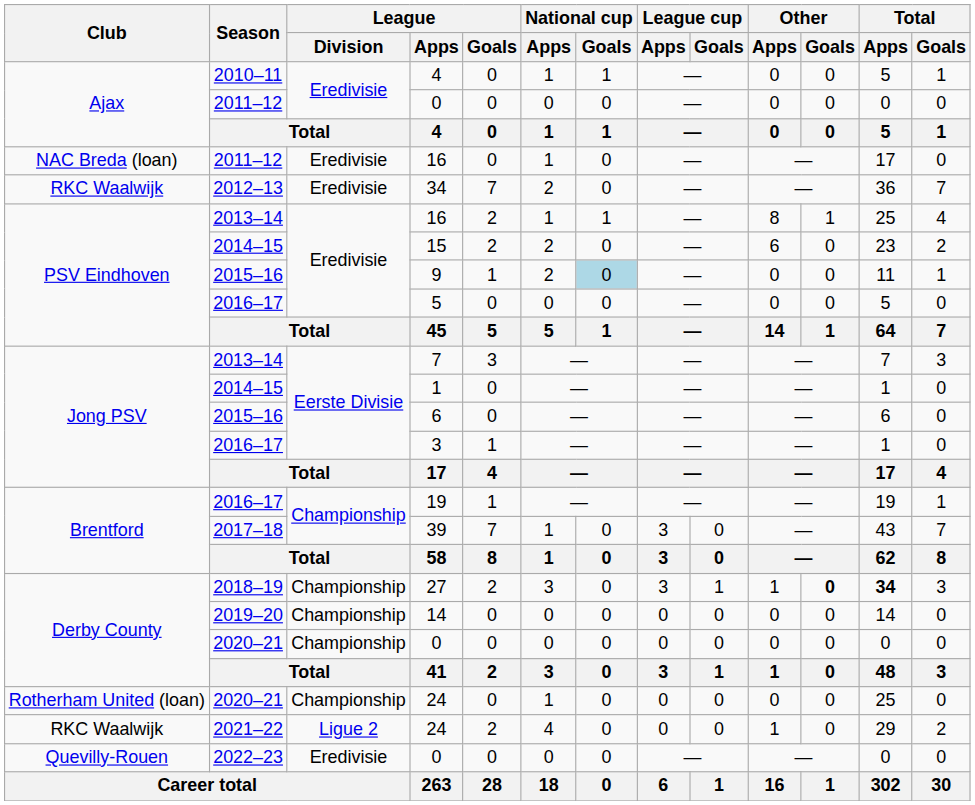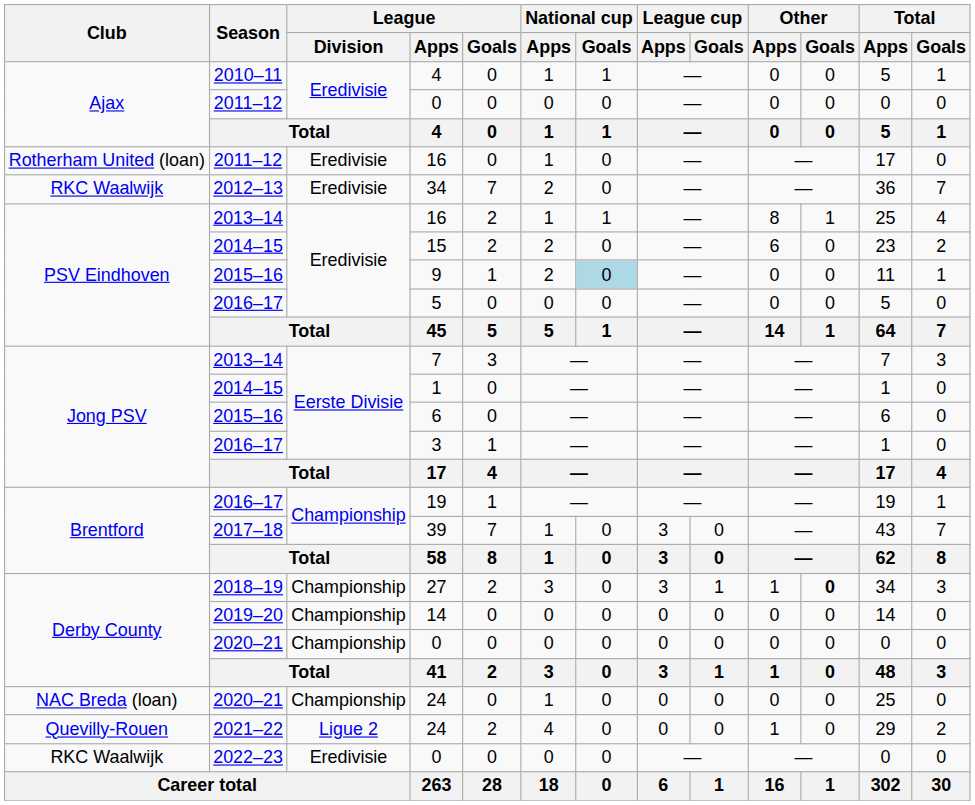 <table class="wikitable" style="text-align:center">
 <tr>
 <th rowspan="2">Club</th>
 <th rowspan="2">Season</th>
 <th colspan="3">League</th>
 <th colspan="2">National cup</th>
 <th colspan="2">League cup</th>
 <th colspan="2">Other</th>
 <th colspan="2">Total</th>
 </tr>
 <tr>
 <th>Division</th>
 <th>Apps</th>
 <th>Goals</th>
 <th>Apps</th>
 <th>Goals</th>
 <th>Apps</th>
 <th>Goals</th>
 <th>Apps</th>
 <th>Goals</th>
 <th>Apps</th>
 <th>Goals</th>
 </tr>
 <tr>
 <td rowspan="3"><a href='#'>Ajax</a></td>
 <td><a href='#'>2010–11</a></td>
 <td rowspan="2"><a href='#'>Eredivisie</a></td>
 <td>4</td>
 <td>0</td>
 <td>1</td>
 <td>1</td>
 <td colspan="2">—</td>
 <td>0</td>
 <td>0</td>
 <td>5</td>
 <td>1</td>
 </tr>
 <tr>
 <td><a href='#'>2011–12</a></td>
 <td>0</td>
 <td>0</td>
 <td>0</td>
 <td>0</td>
 <td colspan="2">—</td>
 <td>0</td>
 <td>0</td>
 <td>0</td>
 <td>0</td>
 </tr>
 <tr>
 <th colspan="2">Total</th>
 <th>4</th>
 <th>0</th>
 <th>1</th>
 <th>1</th>
 <th colspan="2">—</th>
 <th>0</th>
 <th>0</th>
 <th>5</th>
 <th>1</th>
 </tr>
 <tr>
-<td><a href='#'>NAC Breda</a> (loan)</td>
+<td><a href='#'>Rotherham United</a> (loan)</td>
 <td><a href='#'>2011–12</a></td>
 <td>Eredivisie</td>
 <td>16</td>
 <td>0</td>
 <td>1</td>
 <td>0</td>
 <td colspan="2">—</td>
 <td colspan="2">—</td>
 <td>17</td>
 <td>0</td>
 </tr>
 <tr>
 <td><a href='#'>RKC Waalwijk</a></td>
 <td><a href='#'>2012–13</a></td>
 <td>Eredivisie</td>
 <td>34</td>
 <td>7</td>
 <td>2</td>
 <td>0</td>
 <td colspan="2">—</td>
 <td colspan="2">—</td>
 <td>36</td>
 <td>7</td>
 </tr>
 <tr>
 <td rowspan="5"><a href='#'>PSV Eindhoven</a></td>
 <td><a href='#'>2013–14</a></td>
 <td rowspan="4">Eredivisie</td>
 <td>16</td>
 <td>2</td>
 <td>1</td>
 <td>1</td>
 <td colspan="2">—</td>
 <td>8</td>
 <td>1</td>
 <td>25</td>
 <td>4</td>
 </tr>
 <tr>
 <td><a href='#'>2014–15</a></td>
 <td>15</td>
 <td>2</td>
 <td>2</td>
 <td>0</td>
 <td colspan="2">—</td>
 <td>6</td>
 <td>0</td>
 <td>23</td>
 <td>2</td>
 </tr>
 <tr>
 <td><a href='#'>2015–16</a></td>
 <td>9</td>
 <td>1</td>
 <td>2</td>
 <td style="background: lightblue;">0</td>
 <td colspan="2">—</td>
 <td>0</td>
 <td>0</td>
 <td>11</td>
 <td>1</td>
 </tr>
 <tr>
 <td><a href='#'>2016–17</a></td>
 <td>5</td>
 <td>0</td>
 <td>0</td>
 <td>0</td>
 <td colspan="2">—</td>
 <td>0</td>
 <td>0</td>
 <td>5</td>
 <td>0</td>
 </tr>
 <tr>
 <th colspan="2">Total</th>
 <th>45</th>
 <th>5</th>
 <th>5</th>
 <th>1</th>
 <th colspan="2">—</th>
 <th>14</th>
 <th>1</th>
 <th>64</th>
 <th>7</th>
 </tr>
 <tr>
 <td rowspan="5"><a href='#'>Jong PSV</a></td>
 <td><a href='#'>2013–14</a></td>
 <td rowspan="4"><a href='#'>Eerste Divisie</a></td>
 <td>7</td>
 <td>3</td>
 <td colspan="2">—</td>
 <td colspan="2">—</td>
 <td colspan="2">—</td>
 <td>7</td>
 <td>3</td>
 </tr>
 <tr>
 <td><a href='#'>2014–15</a></td>
 <td>1</td>
 <td>0</td>
 <td colspan="2">—</td>
 <td colspan="2">—</td>
 <td colspan="2">—</td>
 <td>1</td>
 <td>0</td>
 </tr>
 <tr>
 <td><a href='#'>2015–16</a></td>
 <td>6</td>
 <td>0</td>
 <td colspan="2">—</td>
 <td colspan="2">—</td>
 <td colspan="2">—</td>
 <td>6</td>
 <td>0</td>
 </tr>
 <tr>
 <td><a href='#'>2016–17</a></td>
 <td>3</td>
 <td>1</td>
 <td colspan="2">—</td>
 <td colspan="2">—</td>
 <td colspan="2">—</td>
 <td>1</td>
 <td>0</td>
 </tr>
 <tr>
 <th colspan="2">Total</th>
 <th>17</th>
 <th>4</th>
 <th colspan="2">—</th>
 <th colspan="2">—</th>
 <th colspan="2">—</th>
 <th>17</th>
 <th>4</th>
 </tr>
 <tr>
 <td rowspan="3"><a href='#'>Brentford</a></td>
 <td><a href='#'>2016–17</a></td>
 <td rowspan="2"><a href='#'>Championship</a></td>
 <td>19</td>
 <td>1</td>
 <td colspan="2">—</td>
 <td colspan="2">—</td>
 <td colspan="2">—</td>
 <td>19</td>
 <td>1</td>
 </tr>
 <tr>
 <td><a href='#'>2017–18</a></td>
 <td>39</td>
 <td>7</td>
 <td>1</td>
 <td>0</td>
 <td>3</td>
 <td>0</td>
 <td colspan="2">—</td>
 <td>43</td>
 <td>7</td>
 </tr>
 <tr>
 <th colspan="2">Total</th>
 <th>58</th>
 <th>8</th>
 <th>1</th>
 <th>0</th>
 <th>3</th>
 <th>0</th>
 <th colspan="2">—</th>
 <th>62</th>
 <th>8</th>
 </tr>
 <tr>
 <td rowspan="4"><a href='#'>Derby County</a></td>
 <td><a href='#'>2018–19</a></td>
 <td>Championship</td>
 <td>27</td>
 <td>2</td>
 <td>3</td>
 <td>0</td>
 <td>3</td>
 <td>1</td>
 <td>1</td>
 <td><strong>0</strong></td>
-<td><strong>34</strong></td>
+<td>34</td>
 <td>3</td>
 </tr>
 <tr>
 <td><a href='#'>2019–20</a></td>
 <td>Championship</td>
 <td>14</td>
 <td>0</td>
 <td>0</td>
 <td>0</td>
 <td>0</td>
 <td>0</td>
 <td>0</td>
 <td>0</td>
 <td>14</td>
 <td>0</td>
 </tr>
 <tr>
 <td><a href='#'>2020–21</a></td>
 <td>Championship</td>
 <td>0</td>
 <td>0</td>
 <td>0</td>
 <td>0</td>
 <td>0</td>
 <td>0</td>
 <td>0</td>
 <td>0</td>
 <td>0</td>
 <td>0</td>
 </tr>
 <tr>
 <th colspan="2">Total</th>
 <th>41</th>
 <th>2</th>
 <th>3</th>
 <th>0</th>
 <th>3</th>
 <th>1</th>
 <th>1</th>
 <th>0</th>
 <th>48</th>
 <th>3</th>
 </tr>
 <tr>
-<td><a href='#'>Rotherham United</a> (loan)</td>
+<td><a href='#'>NAC Breda</a> (loan)</td>
 <td><a href='#'>2020–21</a></td>
 <td>Championship</td>
 <td>24</td>
 <td>0</td>
 <td>1</td>
 <td>0</td>
 <td>0</td>
 <td>0</td>
 <td>0</td>
 <td>0</td>
 <td>25</td>
 <td>0</td>
 </tr>
 <tr>
-<td>RKC Waalwijk</td>
+<td><a href='#'>Quevilly-Rouen</a></td>
 <td><a href='#'>2021–22</a></td>
 <td><a href='#'>Ligue 2</a></td>
 <td>24</td>
 <td>2</td>
 <td>4</td>
 <td>0</td>
 <td>0</td>
 <td>0</td>
 <td>1</td>
 <td>0</td>
 <td>29</td>
 <td>2</td>
 </tr>
 <tr>
-<td><a href='#'>Quevilly-Rouen</a></td>
+<td>RKC Waalwijk</td>
 <td><a href='#'>2022–23</a></td>
 <td>Eredivisie</td>
 <td>0</td>
 <td>0</td>
 <td>0</td>
 <td>0</td>
 <td colspan="2">—</td>
 <td colspan="2">—</td>
 <td>0</td>
 <td>0</td>
 </tr>
 <tr>
 <th colspan="3">Career total</th>
 <th>263</th>
 <th>28</th>
 <th>18</th>
 <th>0</th>
 <th>6</th>
 <th>1</th>
 <th>16</th>
 <th>1</th>
 <th>302</th>
 <th>30</th>
 </tr>
 </table>
